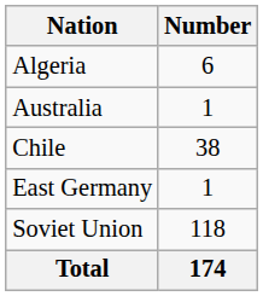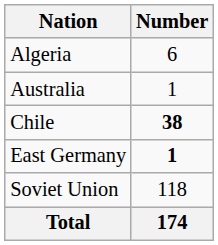 <table class="sortable wikitable" style="margin:0 0 0.5em 1em; float:right; font-size:85%;">
 <tr>
 <th>Nation</th>
 <th>Number</th>
 </tr>
 <tr>
 <td>Algeria</td>
 <td style="text-align:center;">6</td>
 </tr>
 <tr>
 <td>Australia</td>
 <td style="text-align:center;">1</td>
 </tr>
 <tr>
 <td>Chile</td>
-<td style="text-align:center;">38</td>
+<td style="text-align:center;"><strong>38</strong></td>
 </tr>
 <tr>
 <td>East Germany</td>
-<td style="text-align:center;">1</td>
+<td style="text-align:center;"><strong>1</strong></td>
 </tr>
 <tr>
 <td>Soviet Union</td>
 <td style="text-align:center;">118</td>
 </tr>
 <tr style="font-weight:bold;">
 <th data-sort-value="zzz">Total</th>
 <th style="text-align:center;">174</th>
 </tr>
 </table>
